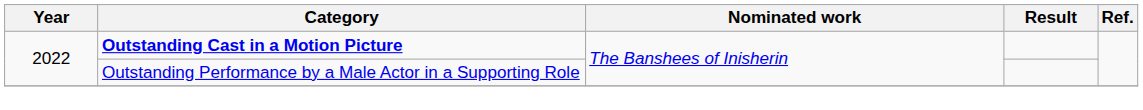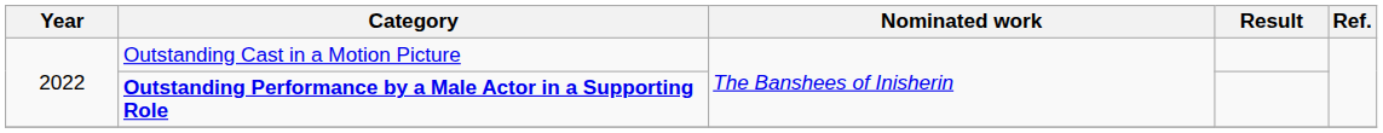 <table class=wikitable>
 <tr>
 <th scope="col" style="width:5em;">Year</th>
 <th scope="col" style="width:28em;">Category</th>
 <th scope="col" style="width:24em;">Nominated work</th>
 <th scope="col" style="width:5em;">Result</th>
 <th>Ref.</th>
 </tr>
 <tr>
 <td style="text-align:center;", rowspan=2>2022</td>
-<td><strong><a href='#'>Outstanding Cast in a Motion Picture</a></strong></td>
+<td><a href='#'>Outstanding Cast in a Motion Picture</a></td>
 <td rowspan=2><em><a href='#'>The Banshees of Inisherin</a></em></td>
 <td></td>
 <td rowspan=2></td>
 </tr>
 <tr>
-<td><a href='#'>Outstanding Performance by a Male Actor in a Supporting Role</a></td>
+<td><strong><a href='#'>Outstanding Performance by a Male Actor in a Supporting Role</a></strong></td>
 <td></td>
 </tr>
 <tr>
 </tr>
 </table>
